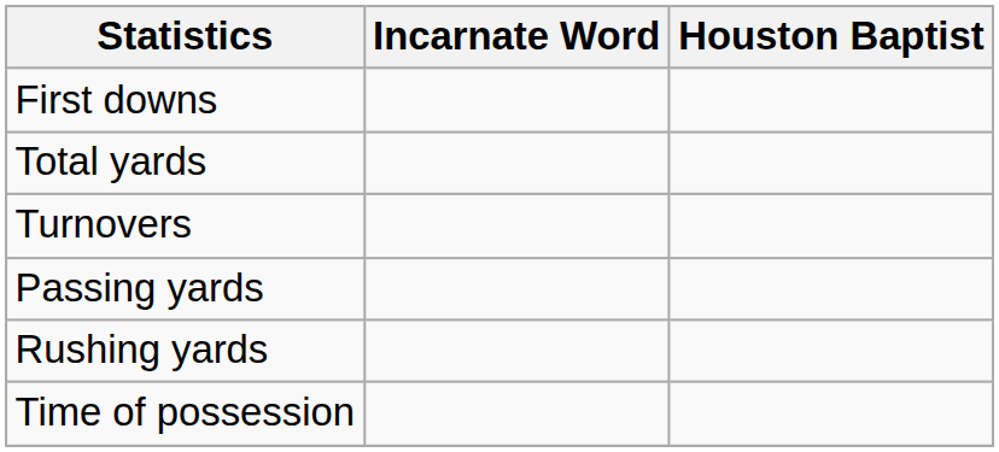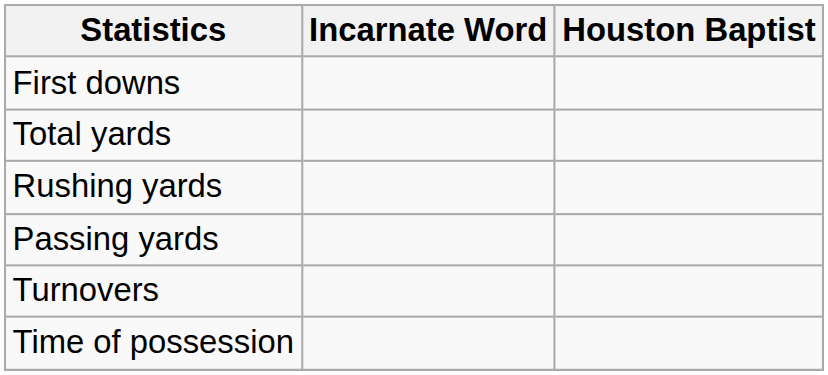 <table class="wikitable">
 <tr>
 <th>Statistics</th>
 <th>Incarnate Word</th>
 <th>Houston Baptist</th>
 </tr>
 <tr>
 <td>First downs</td>
 <td> </td>
 <td> </td>
 </tr>
 <tr>
 <td>Total yards</td>
 <td> </td>
 <td> </td>
 </tr>
 <tr>
-<td>Turnovers</td>
+<td>Rushing yards</td>
 <td> </td>
 <td> </td>
 </tr>
 <tr>
 <td>Passing yards</td>
 <td> </td>
 <td> </td>
 </tr>
 <tr>
-<td>Rushing yards</td>
+<td>Turnovers</td>
 <td> </td>
 <td> </td>
 </tr>
 <tr>
 <td>Time of possession</td>
 <td> </td>
 <td> </td>
 </tr>
 <tr>
 </tr>
 </table>
